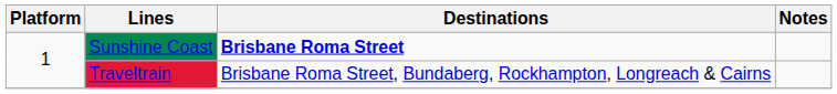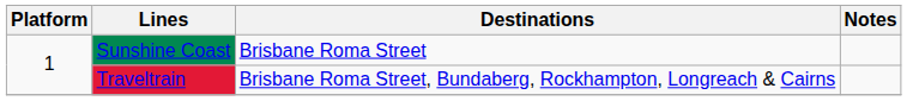 <table class="wikitable" style="float: none; margin: 0.5em; ">
 <tr>
 <th>Platform</th>
 <th>Lines</th>
 <th>Destinations</th>
 <th>Notes</th>
 </tr>
 <tr>
 <td rowspan="2" style="text-align:center;">1</td>
 <td style=background:#008851><a href='#'><span>Sunshine Coast</span></a></td>
-<td><strong><a href='#'>Brisbane Roma Street</a></strong></td>
+<td><a href='#'>Brisbane Roma Street</a></td>
 <td></td>
 </tr>
 <tr>
 <td style=background:#E31836><a href='#'><span>Traveltrain</span></a></td>
 <td><a href='#'>Brisbane Roma Street</a>, <a href='#'>Bundaberg</a>, <a href='#'>Rockhampton</a>, <a href='#'>Longreach</a> & <a href='#'>Cairns</a></td>
 <td></td>
 </tr>
 <tr>
 </tr>
 </table>
